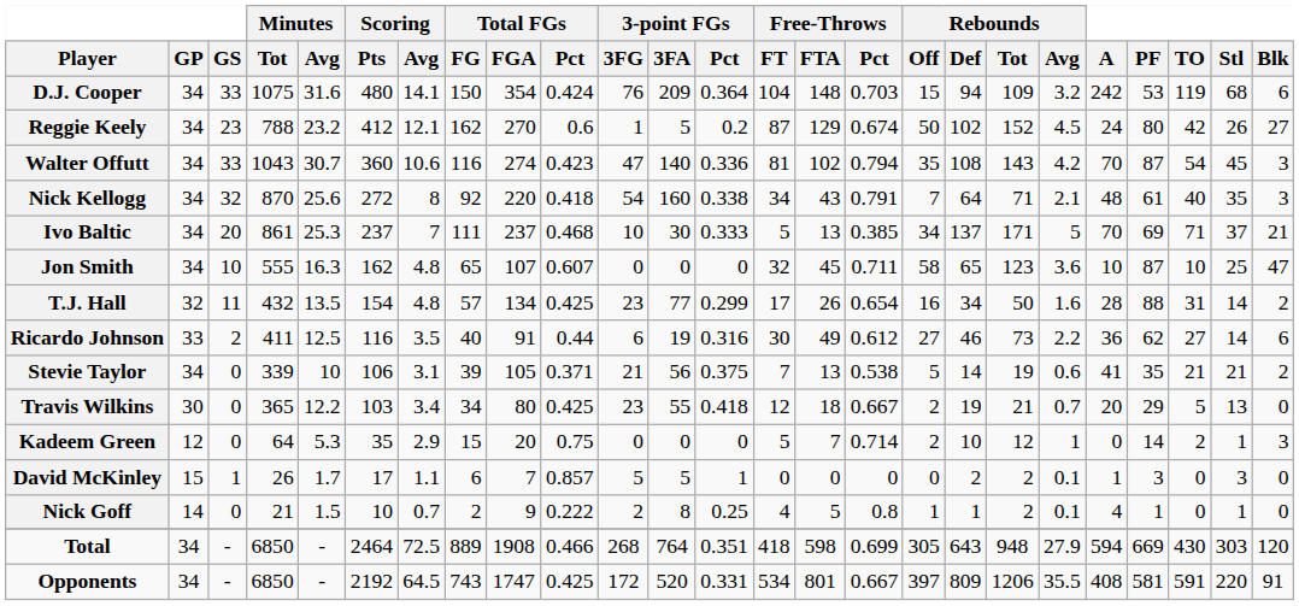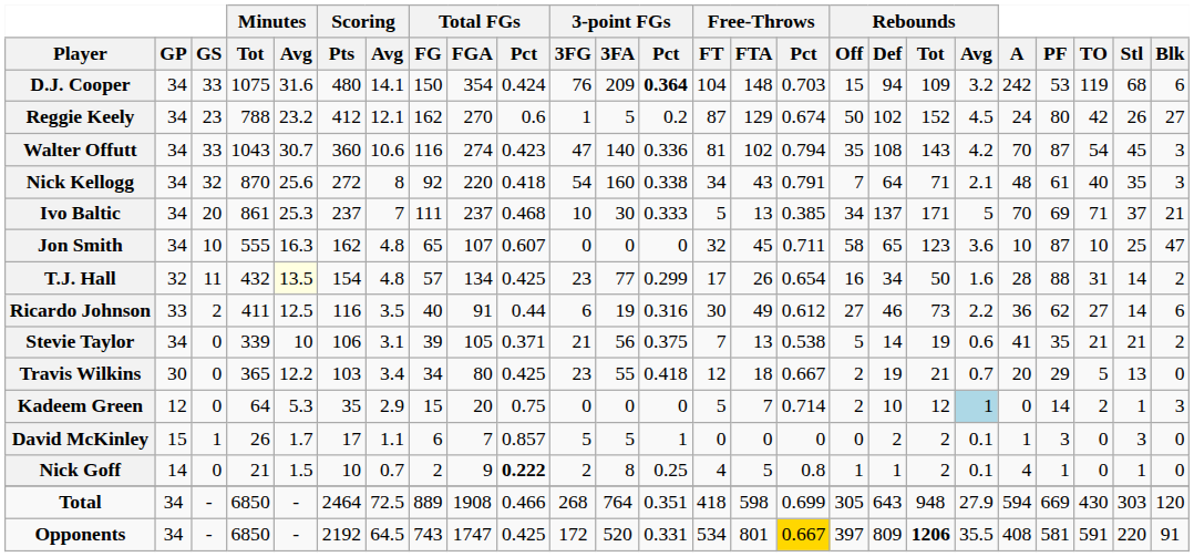 <table class="wikitable sortable" border="1" style="font-size:90%;">
 <tr>
 <th colspan="3" style="border-top-style:hidden; border-left-style:hidden; background: white;"></th>
 <th colspan="2" style=>Minutes</th>
 <th colspan="2" style=>Scoring</th>
 <th colspan="3" style=>Total FGs</th>
 <th colspan="3" style=>3-point FGs</th>
 <th colspan="3" style=>Free-Throws</th>
 <th colspan="4" style=>Rebounds</th>
 <th colspan="5" style="border-top-style:hidden; border-right-style:hidden; background: white;"></th>
 </tr>
 <tr>
 <th scope="col" style=>Player</th>
 <th scope="col" style=>GP</th>
 <th scope="col" style=>GS</th>
 <th scope="col" style=>Tot</th>
 <th scope="col" style=>Avg</th>
 <th scope="col" style=>Pts</th>
 <th scope="col" style=>Avg</th>
 <th scope="col" style=>FG</th>
 <th scope="col" style=>FGA</th>
 <th scope="col" style=>Pct</th>
 <th scope="col" style=>3FG</th>
 <th scope="col" style=>3FA</th>
 <th scope="col" style=>Pct</th>
 <th scope="col" style=>FT</th>
 <th scope="col" style=>FTA</th>
 <th scope="col" style=>Pct</th>
 <th scope="col" style=>Off</th>
 <th scope="col" style=>Def</th>
 <th scope="col" style=>Tot</th>
 <th scope="col" style=>Avg</th>
 <th scope="col" style=>A</th>
 <th scope="col" style=>PF</th>
 <th scope="col" style=>TO</th>
 <th scope="col" style=>Stl</th>
 <th scope="col" style=>Blk</th>
 </tr>
 <tr>
 <th>D.J. Cooper</th>
 <td align="right">34</td>
 <td align="right">33</td>
 <td align="right">1075</td>
 <td align="right">31.6</td>
 <td align="right">480</td>
 <td align="right">14.1</td>
 <td align="right">150</td>
 <td align="right">354</td>
 <td align="right">0.424</td>
 <td align="right">76</td>
 <td align="right">209</td>
-<td align="right">0.364</td>
+<td align="right"><strong>0.364</strong></td>
 <td align="right">104</td>
 <td align="right">148</td>
 <td align="right">0.703</td>
 <td align="right">15</td>
 <td align="right">94</td>
 <td align="right">109</td>
 <td align="right">3.2</td>
 <td align="right">242</td>
 <td align="right">53</td>
 <td align="right">119</td>
 <td align="right">68</td>
 <td align="right">6</td>
 </tr>
 <tr>
 <th>Reggie Keely</th>
 <td align="right">34</td>
 <td align="right">23</td>
 <td align="right">788</td>
 <td align="right">23.2</td>
 <td align="right">412</td>
 <td align="right">12.1</td>
 <td align="right">162</td>
 <td align="right">270</td>
 <td align="right">0.6</td>
 <td align="right">1</td>
 <td align="right">5</td>
 <td align="right">0.2</td>
 <td align="right">87</td>
 <td align="right">129</td>
 <td align="right">0.674</td>
 <td align="right">50</td>
 <td align="right">102</td>
 <td align="right">152</td>
 <td align="right">4.5</td>
 <td align="right">24</td>
 <td align="right">80</td>
 <td align="right">42</td>
 <td align="right">26</td>
 <td align="right">27</td>
 </tr>
 <tr>
 <th>Walter Offutt</th>
 <td align="right">34</td>
 <td align="right">33</td>
 <td align="right">1043</td>
 <td align="right">30.7</td>
 <td align="right">360</td>
 <td align="right">10.6</td>
 <td align="right">116</td>
 <td align="right">274</td>
 <td align="right">0.423</td>
 <td align="right">47</td>
 <td align="right">140</td>
 <td align="right">0.336</td>
 <td align="right">81</td>
 <td align="right">102</td>
 <td align="right">0.794</td>
 <td align="right">35</td>
 <td align="right">108</td>
 <td align="right">143</td>
 <td align="right">4.2</td>
 <td align="right">70</td>
 <td align="right">87</td>
 <td align="right">54</td>
 <td align="right">45</td>
 <td align="right">3</td>
 </tr>
 <tr>
 <th>Nick Kellogg</th>
 <td align="right">34</td>
 <td align="right">32</td>
 <td align="right">870</td>
 <td align="right">25.6</td>
 <td align="right">272</td>
 <td align="right">8</td>
 <td align="right">92</td>
 <td align="right">220</td>
 <td align="right">0.418</td>
 <td align="right">54</td>
 <td align="right">160</td>
 <td align="right">0.338</td>
 <td align="right">34</td>
 <td align="right">43</td>
 <td align="right">0.791</td>
 <td align="right">7</td>
 <td align="right">64</td>
 <td align="right">71</td>
 <td align="right">2.1</td>
 <td align="right">48</td>
 <td align="right">61</td>
 <td align="right">40</td>
 <td align="right">35</td>
 <td align="right">3</td>
 </tr>
 <tr>
 <th>Ivo Baltic</th>
 <td align="right">34</td>
 <td align="right">20</td>
 <td align="right">861</td>
 <td align="right">25.3</td>
 <td align="right">237</td>
 <td align="right">7</td>
 <td align="right">111</td>
 <td align="right">237</td>
 <td align="right">0.468</td>
 <td align="right">10</td>
 <td align="right">30</td>
 <td align="right">0.333</td>
 <td align="right">5</td>
 <td align="right">13</td>
 <td align="right">0.385</td>
 <td align="right">34</td>
 <td align="right">137</td>
 <td align="right">171</td>
 <td align="right">5</td>
 <td align="right">70</td>
 <td align="right">69</td>
 <td align="right">71</td>
 <td align="right">37</td>
 <td align="right">21</td>
 </tr>
 <tr>
 <th>Jon Smith</th>
 <td align="right">34</td>
 <td align="right">10</td>
 <td align="right">555</td>
 <td align="right">16.3</td>
 <td align="right">162</td>
 <td align="right">4.8</td>
 <td align="right">65</td>
 <td align="right">107</td>
 <td align="right">0.607</td>
 <td align="right">0</td>
 <td align="right">0</td>
 <td align="right">0</td>
 <td align="right">32</td>
 <td align="right">45</td>
 <td align="right">0.711</td>
 <td align="right">58</td>
 <td align="right">65</td>
 <td align="right">123</td>
 <td align="right">3.6</td>
 <td align="right">10</td>
 <td align="right">87</td>
 <td align="right">10</td>
 <td align="right">25</td>
 <td align="right">47</td>
 </tr>
 <tr>
 <th>T.J. Hall</th>
 <td align="right">32</td>
 <td align="right">11</td>
 <td align="right">432</td>
-<td align="right">13.5</td>
+<td align="right" style="background: lightyellow;">13.5</td>
 <td align="right">154</td>
 <td align="right">4.8</td>
 <td align="right">57</td>
 <td align="right">134</td>
 <td align="right">0.425</td>
 <td align="right">23</td>
 <td align="right">77</td>
 <td align="right">0.299</td>
 <td align="right">17</td>
 <td align="right">26</td>
 <td align="right">0.654</td>
 <td align="right">16</td>
 <td align="right">34</td>
 <td align="right">50</td>
 <td align="right">1.6</td>
 <td align="right">28</td>
 <td align="right">88</td>
 <td align="right">31</td>
 <td align="right">14</td>
 <td align="right">2</td>
 </tr>
 <tr>
 <th>Ricardo Johnson</th>
 <td align="right">33</td>
 <td align="right">2</td>
 <td align="right">411</td>
 <td align="right">12.5</td>
 <td align="right">116</td>
 <td align="right">3.5</td>
 <td align="right">40</td>
 <td align="right">91</td>
 <td align="right">0.44</td>
 <td align="right">6</td>
 <td align="right">19</td>
 <td align="right">0.316</td>
 <td align="right">30</td>
 <td align="right">49</td>
 <td align="right">0.612</td>
 <td align="right">27</td>
 <td align="right">46</td>
 <td align="right">73</td>
 <td align="right">2.2</td>
 <td align="right">36</td>
 <td align="right">62</td>
 <td align="right">27</td>
 <td align="right">14</td>
 <td align="right">6</td>
 </tr>
 <tr>
 <th>Stevie Taylor</th>
 <td align="right">34</td>
 <td align="right">0</td>
 <td align="right">339</td>
 <td align="right">10</td>
 <td align="right">106</td>
 <td align="right">3.1</td>
 <td align="right">39</td>
 <td align="right">105</td>
 <td align="right">0.371</td>
 <td align="right">21</td>
 <td align="right">56</td>
 <td align="right">0.375</td>
 <td align="right">7</td>
 <td align="right">13</td>
 <td align="right">0.538</td>
 <td align="right">5</td>
 <td align="right">14</td>
 <td align="right">19</td>
 <td align="right">0.6</td>
 <td align="right">41</td>
 <td align="right">35</td>
 <td align="right">21</td>
 <td align="right">21</td>
 <td align="right">2</td>
 </tr>
 <tr>
 <th>Travis Wilkins</th>
 <td align="right">30</td>
 <td align="right">0</td>
 <td align="right">365</td>
 <td align="right">12.2</td>
 <td align="right">103</td>
 <td align="right">3.4</td>
 <td align="right">34</td>
 <td align="right">80</td>
 <td align="right">0.425</td>
 <td align="right">23</td>
 <td align="right">55</td>
 <td align="right">0.418</td>
 <td align="right">12</td>
 <td align="right">18</td>
 <td align="right">0.667</td>
 <td align="right">2</td>
 <td align="right">19</td>
 <td align="right">21</td>
 <td align="right">0.7</td>
 <td align="right">20</td>
 <td align="right">29</td>
 <td align="right">5</td>
 <td align="right">13</td>
 <td align="right">0</td>
 </tr>
 <tr>
 <th>Kadeem Green</th>
 <td align="right">12</td>
 <td align="right">0</td>
 <td align="right">64</td>
 <td align="right">5.3</td>
 <td align="right">35</td>
 <td align="right">2.9</td>
 <td align="right">15</td>
 <td align="right">20</td>
 <td align="right">0.75</td>
 <td align="right">0</td>
 <td align="right">0</td>
 <td align="right">0</td>
 <td align="right">5</td>
 <td align="right">7</td>
 <td align="right">0.714</td>
 <td align="right">2</td>
 <td align="right">10</td>
 <td align="right">12</td>
-<td align="right">1</td>
+<td align="right" style="background: lightblue;">1</td>
 <td align="right">0</td>
 <td align="right">14</td>
 <td align="right">2</td>
 <td align="right">1</td>
 <td align="right">3</td>
 </tr>
 <tr>
 <th>David McKinley</th>
 <td align="right">15</td>
 <td align="right">1</td>
 <td align="right">26</td>
 <td align="right">1.7</td>
 <td align="right">17</td>
 <td align="right">1.1</td>
 <td align="right">6</td>
 <td align="right">7</td>
 <td align="right">0.857</td>
 <td align="right">5</td>
 <td align="right">5</td>
 <td align="right">1</td>
 <td align="right">0</td>
 <td align="right">0</td>
 <td align="right">0</td>
 <td align="right">0</td>
 <td align="right">2</td>
 <td align="right">2</td>
 <td align="right">0.1</td>
 <td align="right">1</td>
 <td align="right">3</td>
 <td align="right">0</td>
 <td align="right">3</td>
 <td align="right">0</td>
 </tr>
 <tr>
 <th>Nick Goff</th>
 <td align="right">14</td>
 <td align="right">0</td>
 <td align="right">21</td>
 <td align="right">1.5</td>
 <td align="right">10</td>
 <td align="right">0.7</td>
 <td align="right">2</td>
 <td align="right">9</td>
-<td align="right">0.222</td>
+<td align="right"><strong>0.222</strong></td>
 <td align="right">2</td>
 <td align="right">8</td>
 <td align="right">0.25</td>
 <td align="right">4</td>
 <td align="right">5</td>
 <td align="right">0.8</td>
 <td align="right">1</td>
 <td align="right">1</td>
 <td align="right">2</td>
 <td align="right">0.1</td>
 <td align="right">4</td>
 <td align="right">1</td>
 <td align="right">0</td>
 <td align="right">1</td>
 <td align="right">0</td>
 </tr>
 <tr>
 </tr>
 <tr class="sortbottom">
 <td align="center" style=><strong>Total</strong></td>
 <td align="center" style=>34</td>
 <td align="center" style=>-</td>
 <td align="center" style=>6850</td>
 <td align="center" style=>-</td>
 <td align="center" style=>2464</td>
 <td align="center" style=>72.5</td>
 <td align="center" style=>889</td>
 <td align="center" style=>1908</td>
 <td align="center" style=>0.466</td>
 <td align="center" style=>268</td>
 <td align="center" style=>764</td>
 <td align="center" style=>0.351</td>
 <td align="center" style=>418</td>
 <td align="center" style=>598</td>
 <td align="center" style=>0.699</td>
 <td align="center" style=>305</td>
 <td align="center" style=>643</td>
 <td align="center" style=>948</td>
 <td align="center" style=>27.9</td>
 <td align="center" style=>594</td>
 <td align="center" style=>669</td>
 <td align="center" style=>430</td>
 <td align="center" style=>303</td>
 <td align="center" style=>120</td>
 </tr>
 <tr class="sortbottom">
 <td align="center"><strong>Opponents</strong></td>
 <td align="center">34</td>
 <td align="center">-</td>
 <td align="center">6850</td>
 <td align="center">-</td>
 <td align="center">2192</td>
 <td align="center">64.5</td>
 <td align="center">743</td>
 <td align="center">1747</td>
 <td align="center">0.425</td>
 <td align="center">172</td>
 <td align="center">520</td>
 <td align="center">0.331</td>
 <td align="center">534</td>
 <td align="center">801</td>
-<td align="center">0.667</td>
+<td align="center" style="background: gold;">0.667</td>
 <td align="center">397</td>
 <td align="center">809</td>
-<td align="center">1206</td>
+<td align="center"><strong>1206</strong></td>
 <td align="center">35.5</td>
 <td align="center">408</td>
 <td align="center">581</td>
 <td align="center">591</td>
 <td align="center">220</td>
 <td align="center">91</td>
 </tr>
 </table>
